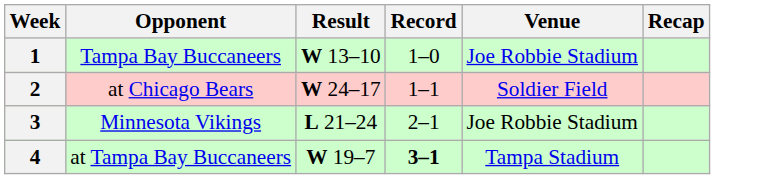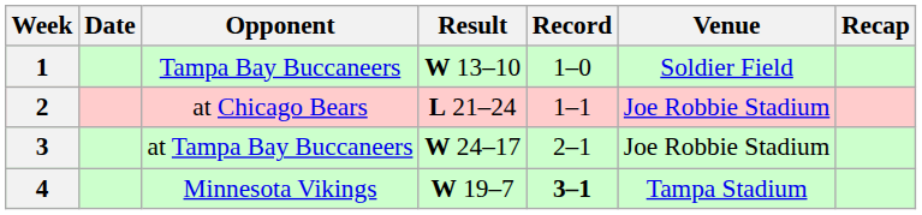 <table class="wikitable" style="text-align:center">
 <tr>
 <th>Week</th>
+<th>Date</th>
 <th>Opponent</th>
 <th>Result</th>
 <th>Record</th>
 <th>Venue</th>
 <th>Recap</th>
 </tr>
 <tr style="background:#cfc">
 <th>1</th>
+<td></td>
 <td><a href='#'>Tampa Bay Buccaneers</a></td>
 <td><strong>W</strong> 13–10</td>
 <td>1–0</td>
-<td><a href='#'>Joe Robbie Stadium</a></td>
+<td><a href='#'>Soldier Field</a></td>
 <td></td>
 </tr>
 <tr style="background:#fcc">
 <th>2</th>
+<td></td>
 <td>at <a href='#'>Chicago Bears</a></td>
-<td><strong>W</strong> 24–17</td>
+<td><strong>L</strong> 21–24</td>
 <td>1–1</td>
-<td><a href='#'>Soldier Field</a></td>
+<td><a href='#'>Joe Robbie Stadium</a></td>
 <td></td>
 </tr>
 <tr style="background:#cfc">
 <th>3</th>
-<td><a href='#'>Minnesota Vikings</a></td>
-<td><strong>L</strong> 21–24</td>
+<td></td>
+<td>at  <a href='#'>Tampa Bay Buccaneers</a></td>
+<td><strong>W</strong> 24–17</td>
 <td>2–1</td>
 <td>Joe Robbie Stadium</td>
 <td></td>
 </tr>
 <tr style="background:#cfc">
 <th>4</th>
-<td>at  <a href='#'>Tampa Bay Buccaneers</a></td>
+<td></td>
+<td><a href='#'>Minnesota Vikings</a></td>
 <td><strong>W</strong> 19–7</td>
 <td><strong>3–1</strong></td>
 <td><a href='#'>Tampa Stadium</a></td>
 <td></td>
 </tr>
 </table>
